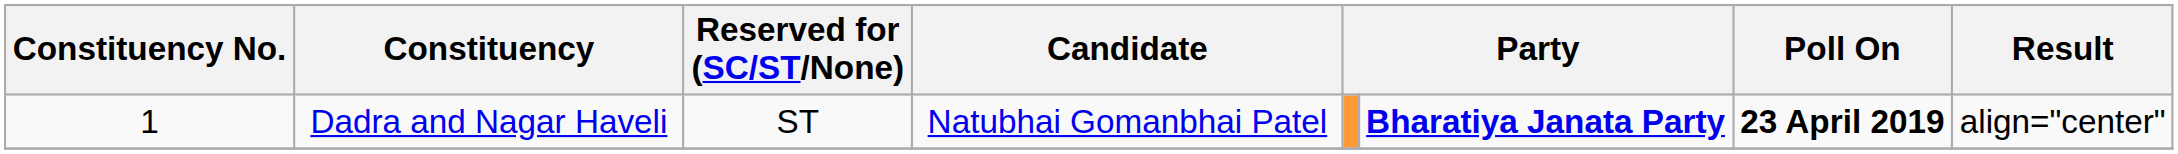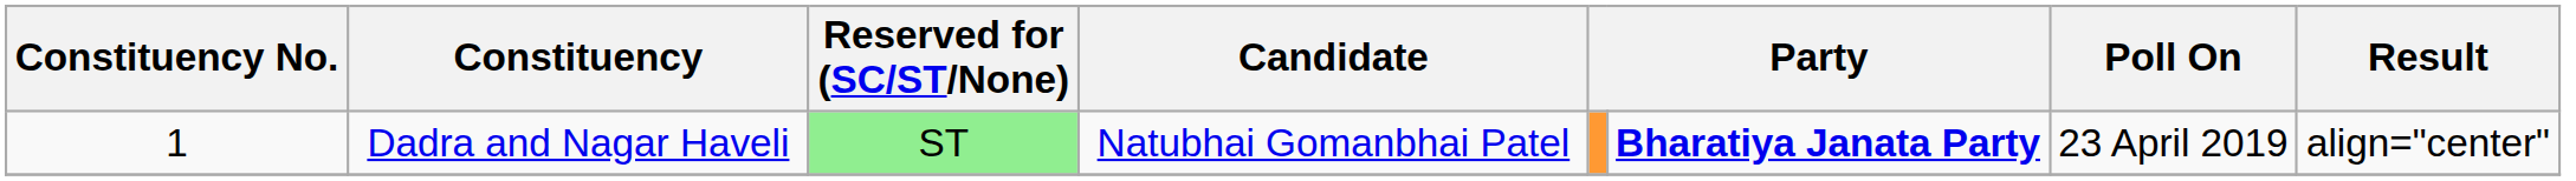 <table class="wikitable sortable" style="text-align:center;">
 <tr>
 <th>Constituency No.</th>
 <th style="width:180px;">Constituency</th>
 <th>Reserved for<br>(<a href='#'>SC/ST</a>/None)</th>
 <th style="width:200px;">Candidate</th>
 <th colspan="2">Party</th>
 <th>Poll On</th>
 <th>Result</th>
 </tr>
 <tr>
 <td align="center">1</td>
 <td><a href='#'>Dadra and Nagar Haveli</a></td>
-<td align="center">ST</td>
+<td align="center" style="background: lightgreen;">ST</td>
 <td><a href='#'>Natubhai Gomanbhai Patel</a></td>
 <td bgcolor=#FF9933></td>
 <td><strong><a href='#'>Bharatiya Janata Party</a></strong></td>
-<td align="center"><strong>23 April 2019</strong></td>
+<td align="center">23 April 2019</td>
 <td>align="center" </td>
 </tr>
 <tr>
 </tr>
 </table>
